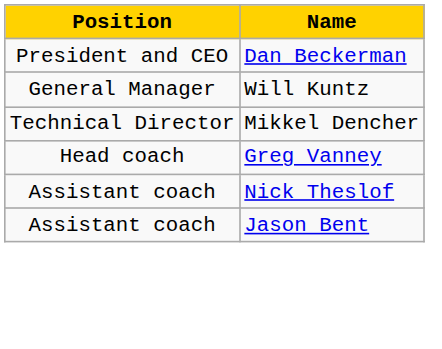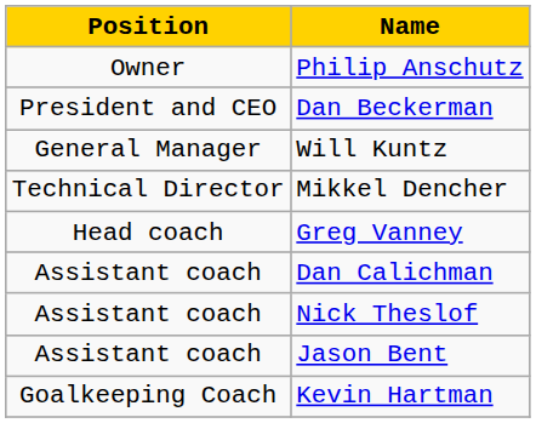 <table class="wikitable" style="text-align:center;">
 <tr>
 <th style="background:#FFD200; color:black;">Position</th>
 <th style="background:#FFD200; color:black;">Name</th>
+</tr>
+<tr>
+<td>Owner</td>
+<td align=left> <a href='#'>Philip Anschutz</a></td>
 </tr>
 <tr>
 <td>President and CEO</td>
 <td align=left> <a href='#'>Dan Beckerman</a></td>
 </tr>
 <tr>
 <td>General Manager</td>
 <td align=left> Will Kuntz</td>
 </tr>
 <tr>
 <td>Technical Director</td>
 <td align=left> Mikkel Dencher</td>
 </tr>
 <tr>
 <td>Head coach</td>
 <td align=left> <a href='#'>Greg Vanney</a></td>
 </tr>
 <tr>
 <td>Assistant coach</td>
+<td align=left> <a href='#'>Dan Calichman</a></td>
+</tr>
+<tr>
+<td>Assistant coach</td>
 <td align=left> <a href='#'>Nick Theslof</a></td>
 </tr>
 <tr>
 <td>Assistant coach</td>
 <td align=left> <a href='#'>Jason Bent</a></td>
 </tr>
+<tr>
+<td>Goalkeeping Coach</td>
+<td align=left> <a href='#'>Kevin Hartman</a></td>
+</tr>
 </table>
